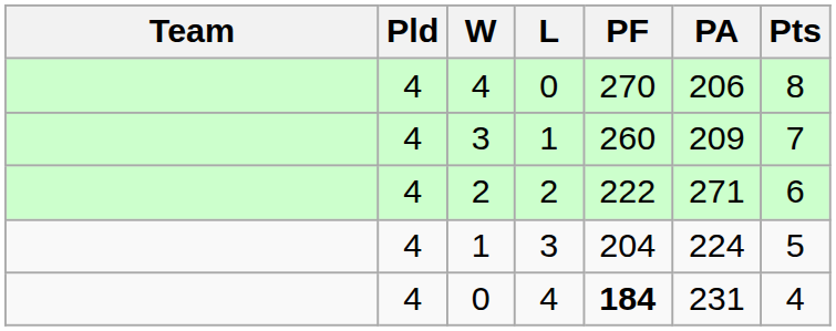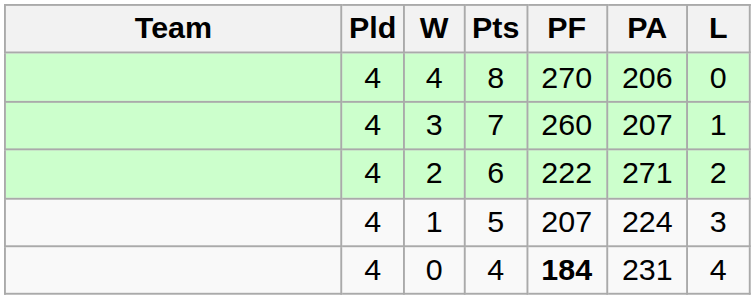 <table class="wikitable" style="text-align:center;">
 <tr>
 <th width=170>Team</th>
 <th width=25>Pld</th>
 <th width=25>W</th>
-<th width=25>L</th>
+<th width=25>Pts</th>
 <th width=35>PF</th>
 <th width=35>PA</th>
-<th width=25>Pts</th>
+<th width=25>L</th>
 </tr>
 <tr bgcolor=#ccffcc>
 <td align="left"><em></em></td>
 <td>4</td>
 <td>4</td>
-<td>0</td>
+<td>8</td>
 <td>270</td>
 <td>206</td>
-<td>8</td>
+<td>0</td>
 </tr>
 <tr bgcolor=#ccffcc>
 <td align="left"></td>
 <td>4</td>
 <td>3</td>
+<td>7</td>
+<td>260</td>
+<td>207</td>
 <td>1</td>
-<td>260</td>
-<td>209</td>
-<td>7</td>
 </tr>
 <tr bgcolor=#ccffcc>
 <td align="left"></td>
 <td>4</td>
 <td>2</td>
-<td>2</td>
+<td>6</td>
 <td>222</td>
 <td>271</td>
-<td>6</td>
+<td>2</td>
 </tr>
 <tr bgcolor=>
 <td align="left"></td>
 <td>4</td>
 <td>1</td>
+<td>5</td>
+<td>207</td>
+<td>224</td>
 <td>3</td>
-<td>204</td>
-<td>224</td>
-<td>5</td>
 </tr>
 <tr bgcolor=>
 <td align="left"></td>
 <td>4</td>
 <td>0</td>
 <td>4</td>
 <td><strong>184</strong></td>
 <td>231</td>
 <td>4</td>
 </tr>
 </table>
